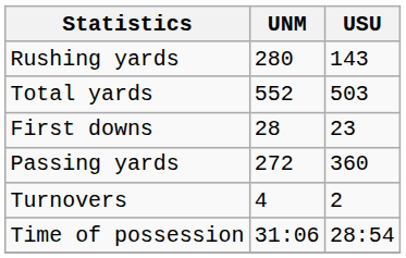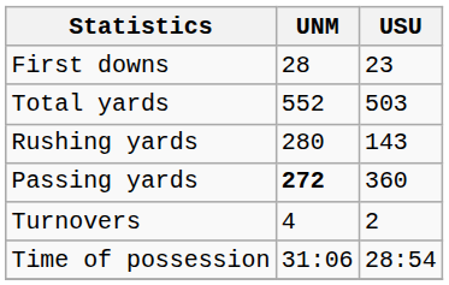 <table class="wikitable" style="float: left;">
 <tr>
 <th>Statistics</th>
 <th>UNM</th>
 <th>USU</th>
 </tr>
 <tr>
-<td>Rushing yards</td>
-<td>280</td>
-<td>143</td>
+<td>First downs</td>
+<td>28</td>
+<td>23</td>
 </tr>
 <tr>
 <td>Total yards</td>
 <td>552</td>
 <td>503</td>
 </tr>
 <tr>
-<td>First downs</td>
-<td>28</td>
-<td>23</td>
+<td>Rushing yards</td>
+<td>280</td>
+<td>143</td>
 </tr>
 <tr>
 <td>Passing yards</td>
-<td>272</td>
+<td><strong>272</strong></td>
 <td>360</td>
 </tr>
 <tr>
 <td>Turnovers</td>
 <td>4</td>
 <td>2</td>
 </tr>
 <tr>
 <td>Time of possession</td>
 <td>31:06</td>
 <td>28:54</td>
 </tr>
 <tr>
 </tr>
 </table>
